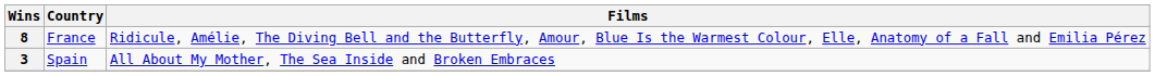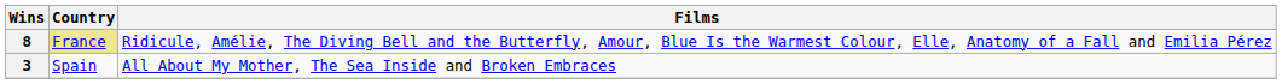 <table class="wikitable sortable">
 <tr>
 <th>Wins</th>
 <th>Country</th>
 <th>Films</th>
 </tr>
 <tr>
 <th rowspan="1" style="text-align:center">8</th>
-<td> <a href='#'>France</a></td>
+<td style="background: khaki;"> <a href='#'>France</a></td>
 <td><a href='#'>Ridicule</a>, <a href='#'>Amélie</a>, <a href='#'>The Diving Bell and the Butterfly</a>, <a href='#'>Amour</a>, <a href='#'>Blue Is the Warmest Colour</a>, <a href='#'>Elle</a>, <a href='#'>Anatomy of a Fall</a> and <a href='#'>Emilia Pérez</a></td>
 </tr>
 <tr>
 <th rowspan="1" style="text-align:center">3</th>
 <td> <a href='#'>Spain</a></td>
 <td><a href='#'>All About My Mother</a>, <a href='#'>The Sea Inside</a> and <a href='#'>Broken Embraces</a></td>
 </tr>
 <tr>
 </tr>
 </table>
